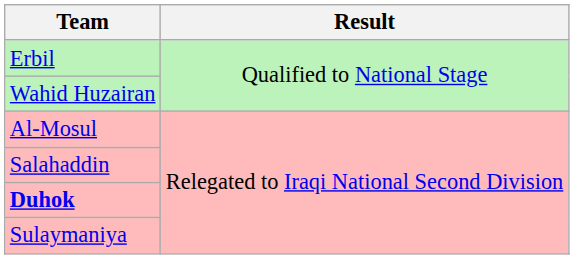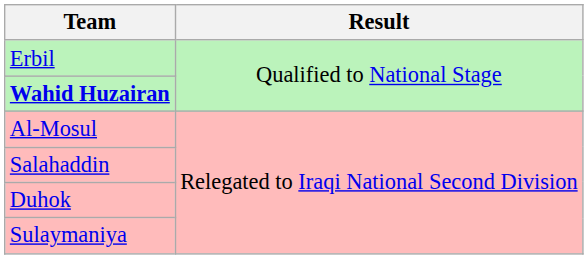 <table class="wikitable" style="text-align: center;">
 <tr>
 <th>Team</th>
 <th>Result</th>
 </tr>
 <tr>
 <td style="background:#BBF3BB; text-align: left"><a href='#'>Erbil</a></td>
 <td style="background:#BBF3BB;" rowspan=2>Qualified to <a href='#'>National Stage</a></td>
 </tr>
 <tr>
-<td style="background:#BBF3BB; text-align: left"><a href='#'>Wahid Huzairan</a></td>
+<td style="background:#BBF3BB; text-align: left"><strong><a href='#'>Wahid Huzairan</a></strong></td>
 </tr>
 <tr>
 <td style="background:#FFBBBB; text-align: left"><a href='#'>Al-Mosul</a></td>
 <td style="background:#FFBBBB;" rowspan=4>Relegated to <a href='#'>Iraqi National Second Division</a></td>
 </tr>
 <tr>
 <td style="background:#FFBBBB; text-align: left"><a href='#'>Salahaddin</a></td>
 </tr>
 <tr>
-<td style="background:#FFBBBB; text-align: left"><strong><a href='#'>Duhok</a></strong></td>
+<td style="background:#FFBBBB; text-align: left"><a href='#'>Duhok</a></td>
 </tr>
 <tr>
 <td style="background:#FFBBBB; text-align: left"><a href='#'>Sulaymaniya</a></td>
 </tr>
 </table>
